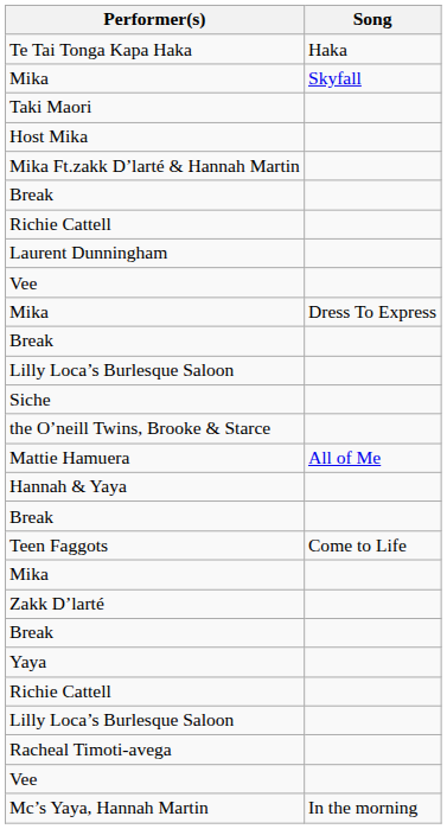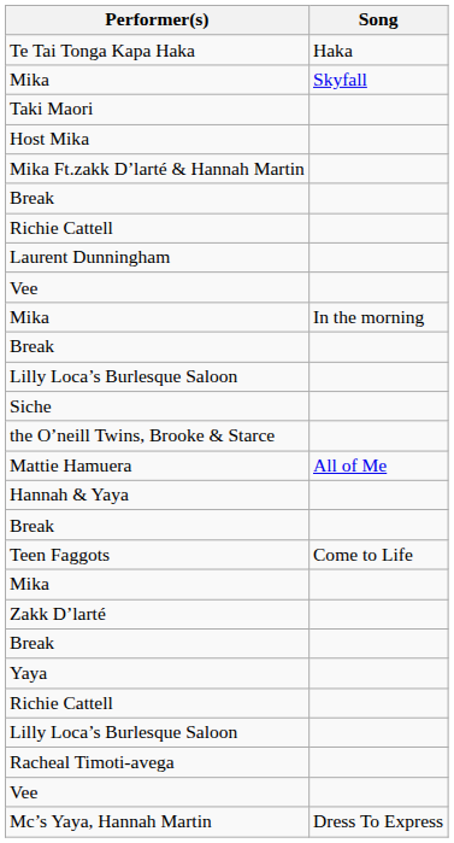 <table class="wikitable">
 <tr>
 <th>Performer(s)</th>
 <th>Song</th>
 </tr>
 <tr>
 <td>Te Tai Tonga Kapa Haka</td>
 <td>Haka</td>
 </tr>
 <tr>
 <td>Mika</td>
 <td><a href='#'>Skyfall</a></td>
 </tr>
 <tr>
 <td>Taki Maori</td>
 <td></td>
 </tr>
 <tr>
 <td>Host Mika</td>
 <td></td>
 </tr>
 <tr>
 <td>Mika Ft.zakk D’larté & Hannah Martin</td>
 <td></td>
 </tr>
 <tr>
 <td>Break</td>
 <td></td>
 </tr>
 <tr>
 <td>Richie Cattell</td>
 <td></td>
 </tr>
 <tr>
 <td>Laurent Dunningham</td>
 <td></td>
 </tr>
 <tr>
 <td>Vee</td>
 <td></td>
 </tr>
 <tr>
 <td>Mika</td>
-<td>Dress To Express</td>
+<td>In the morning</td>
 </tr>
 <tr>
 <td>Break</td>
 <td></td>
 </tr>
 <tr>
 <td>Lilly Loca’s Burlesque Saloon</td>
 <td></td>
 </tr>
 <tr>
 <td>Siche</td>
 <td></td>
 </tr>
 <tr>
 <td>the O’neill Twins, Brooke & Starce</td>
 <td></td>
 </tr>
 <tr>
 <td>Mattie Hamuera</td>
 <td><a href='#'>All of Me</a></td>
 </tr>
 <tr>
 <td>Hannah & Yaya</td>
 <td></td>
 </tr>
 <tr>
 <td>Break</td>
 <td></td>
 </tr>
 <tr>
 <td>Teen Faggots</td>
 <td>Come to Life</td>
 </tr>
 <tr>
 <td>Mika</td>
 <td></td>
 </tr>
 <tr>
 <td>Zakk D’larté</td>
 <td></td>
 </tr>
 <tr>
 <td>Break</td>
 <td></td>
 </tr>
 <tr>
 <td>Yaya</td>
 <td></td>
 </tr>
 <tr>
 <td>Richie Cattell</td>
 <td></td>
 </tr>
 <tr>
 <td>Lilly Loca’s Burlesque Saloon</td>
 <td></td>
 </tr>
 <tr>
 <td>Racheal Timoti-avega</td>
 <td></td>
 </tr>
 <tr>
 <td>Vee</td>
 <td></td>
 </tr>
 <tr>
 <td>Mc’s Yaya, Hannah Martin</td>
-<td>In the morning</td>
+<td>Dress To Express</td>
 </tr>
 </table>
